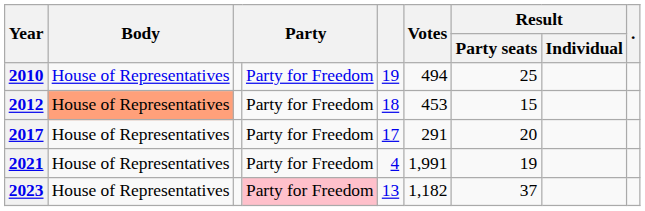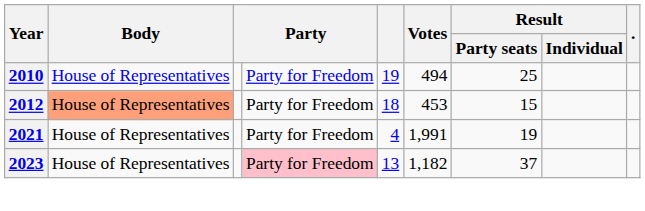 <table class="wikitable plainrowheaders sortable" border=2 cellpadding=4 cellspacing=0 style="border: 1px #aaa solid; font-size: 90%; text-align:center;">
 <tr>
 <th scope="col" rowspan=2>Year</th>
 <th scope="col" rowspan=2>Body</th>
 <th scope="col" colspan=2 rowspan=2>Party</th>
 <th scope="col" rowspan=2></th>
 <th scope="col" rowspan=2>Votes</th>
 <th scope="colgroup" colspan=2>Result</th>
 <th scope="col" rowspan=2 class="unsortable">.</th>
 </tr>
 <tr>
 <th scope="col">Party seats</th>
 <th scope="col">Individual</th>
 </tr>
 <tr>
 <th scope="row"><a href='#'>2010</a></th>
 <td><a href='#'>House of Representatives</a></td>
 <td style="background-color:"></td>
 <td><a href='#'>Party for Freedom</a></td>
 <td style=text-align:right><a href='#'>19</a></td>
 <td style=text-align:right>494</td>
 <td style=text-align:right>25</td>
 <td></td>
 <td></td>
 </tr>
 <tr>
 <th scope="row"><a href='#'>2012</a></th>
 <td style="background: lightsalmon;">House of Representatives</td>
 <td style="background-color:"></td>
 <td>Party for Freedom</td>
 <td style=text-align:right><a href='#'>18</a></td>
 <td style=text-align:right>453</td>
 <td style=text-align:right>15</td>
 <td></td>
 <td></td>
 </tr>
 <tr>
-<th scope="row"><a href='#'>2017</a></th>
-<td>House of Representatives</td>
-<td style="background-color:"></td>
-<td>Party for Freedom</td>
-<td style=text-align:right><a href='#'>17</a></td>
-<td style=text-align:right>291</td>
-<td style=text-align:right>20</td>
-<td></td>
-<td></td>
-</tr>
-<tr>
 <th scope="row"><a href='#'>2021</a></th>
 <td>House of Representatives</td>
 <td style="background-color:"></td>
 <td>Party for Freedom</td>
 <td style=text-align:right><a href='#'>4</a></td>
 <td style=text-align:right>1,991</td>
 <td style=text-align:right>19</td>
 <td></td>
 <td></td>
 </tr>
 <tr>
 <th scope="row"><a href='#'>2023</a></th>
 <td>House of Representatives</td>
 <td style="background-color:"></td>
 <td style="background: pink;">Party for Freedom</td>
 <td style=text-align:right><a href='#'>13</a></td>
 <td style=text-align:right>1,182</td>
 <td style=text-align:right>37</td>
 <td></td>
 <td></td>
 </tr>
 </table>
